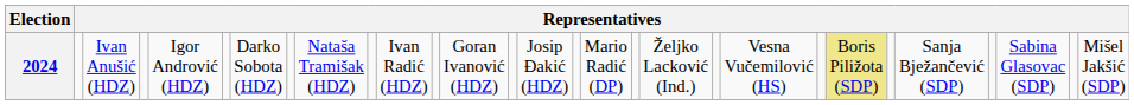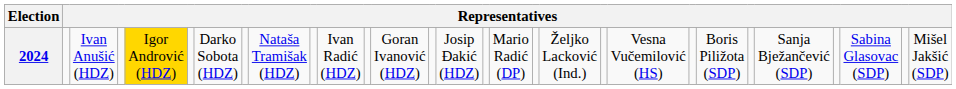 <table class=wikitable style="text-align: center;">
 <tr>
 <th style="width: 65px;">Election</th>
 <th colspan=28>Representatives</th>
 </tr>
 <tr>
 <th><a href='#'>2024</a></th>
 <td style="background:"></td>
 <td><a href='#'>Ivan Anušić</a><br>(<a href='#'>HDZ</a>)</td>
 <td style="background:"></td>
-<td>Igor Andrović<br>(<a href='#'>HDZ</a>)</td>
+<td style="background: gold;">Igor Andrović<br>(<a href='#'>HDZ</a>)</td>
 <td style="background:"></td>
 <td>Darko Sobota<br>(<a href='#'>HDZ</a>)</td>
 <td style="background:"></td>
 <td><a href='#'>Nataša Tramišak</a><br>(<a href='#'>HDZ</a>)</td>
 <td style="background:"></td>
 <td>Ivan Radić<br>(<a href='#'>HDZ</a>)</td>
 <td style="background:"></td>
 <td>Goran Ivanović<br>(<a href='#'>HDZ</a>)</td>
 <td style="background:"></td>
 <td>Josip Đakić<br>(<a href='#'>HDZ</a>)</td>
 <td style="background:"></td>
 <td>Mario Radić<br>(<a href='#'>DP</a>)</td>
 <td style="background:"></td>
 <td>Željko Lacković<br>(Ind.)</td>
 <td style="background:"></td>
 <td>Vesna Vučemilović<br>(<a href='#'>HS</a>)</td>
 <td style="background:"></td>
-<td style="background: khaki;">Boris Piližota<br>(<a href='#'>SDP</a>)</td>
+<td>Boris Piližota<br>(<a href='#'>SDP</a>)</td>
 <td style="background:"></td>
 <td>Sanja Bježančević<br>(<a href='#'>SDP</a>)</td>
 <td style="background:"></td>
 <td><a href='#'>Sabina Glasovac</a><br>(<a href='#'>SDP</a>)</td>
 <td style="background:"></td>
 <td>Mišel Jakšić<br>(<a href='#'>SDP</a>)</td>
 </tr>
 </table>
